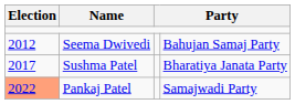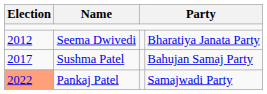 <table class="wikitable sortable">
 <tr>
 <th>Election</th>
 <th>Name</th>
 <th colspan="2">Party</th>
 </tr>
 <tr>
 <td colspan="4"></td>
 </tr>
 <tr>
 <td><a href='#'>2012</a></td>
 <td><a href='#'>Seema Dwivedi</a></td>
 <td style="background-color: "></td>
-<td><a href='#'>Bahujan Samaj Party</a></td>
+<td><a href='#'>Bharatiya Janata Party</a></td>
 </tr>
 <tr>
 <td><a href='#'>2017</a></td>
 <td><a href='#'>Sushma Patel</a></td>
 <td style="background-color: "></td>
-<td><a href='#'>Bharatiya Janata Party</a></td>
+<td><a href='#'>Bahujan Samaj Party</a></td>
 </tr>
 <tr>
 <td style="background: lightsalmon;"><a href='#'>2022</a></td>
 <td><a href='#'>Pankaj Patel</a></td>
 <td style="background-color: "></td>
 <td><a href='#'>Samajwadi Party</a></td>
 </tr>
 </table>
